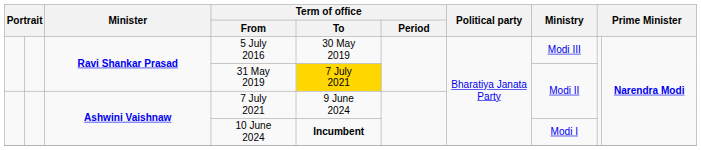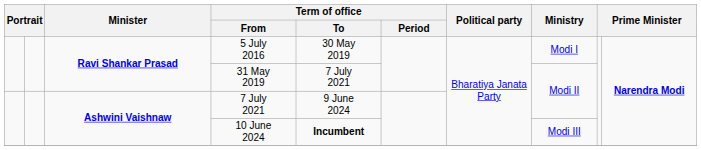 <table class="wikitable" style="text-align:center">
 <tr>
 <th rowspan="2" colspan="2">Portrait</th>
 <th rowspan="2" style="width:16em">Minister<br></th>
 <th colspan="3">Term of office</th>
 <th rowspan="2" style="width:8em">Political party</th>
 <th rowspan="2" style="width:6em">Ministry</th>
 <th rowspan="2" colspan="2">Prime Minister</th>
 </tr>
 <tr>
 <th style="width:8em">From</th>
 <th style="width:8em">To</th>
 <th style="width:6em">Period</th>
 </tr>
 <tr>
 <td rowspan="2"></td>
 <td rowspan="2"></td>
 <td rowspan="2"><strong><a href='#'>Ravi Shankar Prasad</a></strong><br></td>
 <td>5 July<br>2016</td>
 <td>30 May<br>2019</td>
 <td rowspan="2"><strong></strong></td>
 <td rowspan="4"><a href='#'>Bharatiya Janata Party</a></td>
-<td><a href='#'>Modi III</a></td>
+<td><a href='#'>Modi I</a></td>
 <td rowspan="4"></td>
 <td rowspan="4" style="width:9em"><strong><a href='#'>Narendra Modi</a></strong></td>
 </tr>
 <tr>
 <td>31 May<br>2019</td>
-<td style="background: gold;">7 July<br>2021</td>
+<td>7 July<br>2021</td>
 <td rowspan="2"><a href='#'>Modi II</a></td>
 </tr>
 <tr>
 <td rowspan="2"></td>
 <td rowspan="2"></td>
 <td rowspan="2"><strong><a href='#'>Ashwini Vaishnaw</a></strong><br></td>
 <td>7 July<br>2021</td>
 <td>9 June<br>2024</td>
 <td rowspan="2"><strong></strong></td>
 </tr>
 <tr>
 <td>10 June<br>2024</td>
 <td><strong>Incumbent</strong></td>
-<td><a href='#'>Modi I</a></td>
+<td><a href='#'>Modi III</a></td>
 </tr>
 <tr>
 </tr>
 </table>
